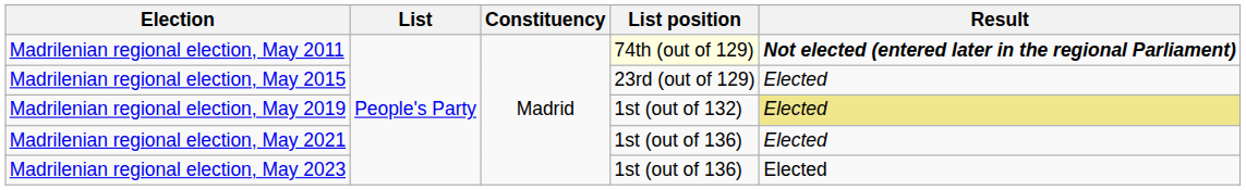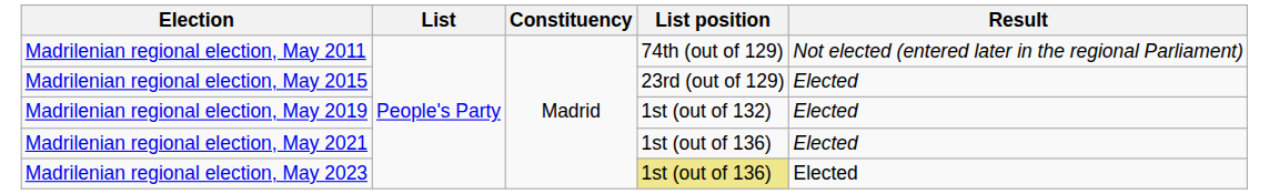 <table class="wikitable" style="margin:1em auto; text-align:left;">
 <tr>
 <th scope="col">Election</th>
 <th scope="col">List</th>
 <th scope="col">Constituency</th>
 <th scope="col">List position</th>
 <th scope="col">Result</th>
 </tr>
 <tr>
 <td><a href='#'>Madrilenian regional election, May 2011</a></td>
 <td rowspan="5"><a href='#'>People's Party</a></td>
 <td rowspan="5" align="center">Madrid</td>
-<td style="background: lightyellow;">74th (out of 129)</td>
-<td><strong><em>Not elected (entered later in the regional Parliament)</em></strong></td>
+<td>74th (out of 129)</td>
+<td><em>Not elected (entered later in the regional Parliament)</em></td>
 </tr>
 <tr>
 <td><a href='#'>Madrilenian regional election, May 2015</a></td>
 <td>23rd (out of 129)</td>
 <td><em>Elected</em></td>
 </tr>
 <tr>
 <td><a href='#'>Madrilenian regional election, May 2019</a></td>
 <td>1st (out of 132)</td>
-<td style="background: khaki;"><em>Elected</em></td>
+<td><em>Elected</em></td>
 </tr>
 <tr>
 <td><a href='#'>Madrilenian regional election, May 2021</a></td>
 <td>1st (out of 136)</td>
 <td><em>Elected</em></td>
 </tr>
 <tr>
 <td><a href='#'>Madrilenian regional election, May 2023</a></td>
-<td>1st (out of 136)</td>
+<td style="background: khaki;">1st (out of 136)</td>
 <td>Elected</td>
 </tr>
 </table>
